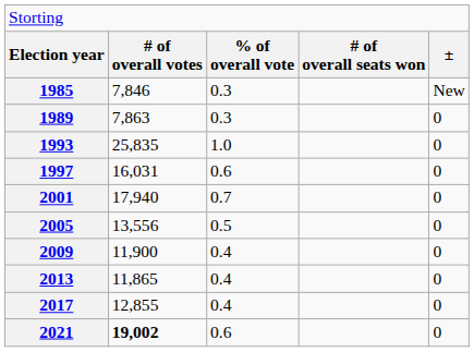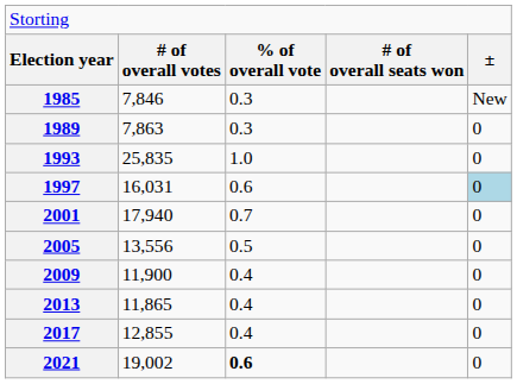 <table class=wikitable>
 <tr>
 <td colspan=6><a href='#'>Storting</a></td>
 </tr>
 <tr>
 <th>Election year</th>
 <th># of<br>overall votes</th>
 <th>% of<br>overall vote</th>
 <th># of<br>overall seats won</th>
 <th>±</th>
 </tr>
 <tr>
 <th><a href='#'>1985</a></th>
 <td>7,846</td>
 <td>0.3</td>
 <td></td>
 <td>New</td>
 </tr>
 <tr>
 <th><a href='#'>1989</a></th>
 <td>7,863</td>
 <td>0.3</td>
 <td></td>
 <td>0</td>
 </tr>
 <tr>
 <th><a href='#'>1993</a></th>
 <td>25,835</td>
 <td>1.0</td>
 <td></td>
 <td>0</td>
 </tr>
 <tr>
 <th><a href='#'>1997</a></th>
 <td>16,031</td>
 <td>0.6</td>
 <td></td>
-<td>0</td>
+<td style="background: lightblue;">0</td>
 </tr>
 <tr>
 <th><a href='#'>2001</a></th>
 <td>17,940</td>
 <td>0.7</td>
 <td></td>
 <td>0</td>
 </tr>
 <tr>
 <th><a href='#'>2005</a></th>
 <td>13,556</td>
 <td>0.5</td>
 <td></td>
 <td>0</td>
 </tr>
 <tr>
 <th><a href='#'>2009</a></th>
 <td>11,900</td>
 <td>0.4</td>
 <td></td>
 <td>0</td>
 </tr>
 <tr>
 <th><a href='#'>2013</a></th>
 <td>11,865</td>
 <td>0.4</td>
 <td></td>
 <td>0</td>
 </tr>
 <tr>
 <th><a href='#'>2017</a></th>
 <td>12,855</td>
 <td>0.4</td>
 <td></td>
 <td>0</td>
 </tr>
 <tr>
 <th><a href='#'>2021</a></th>
-<td><strong>19,002</strong></td>
-<td>0.6</td>
+<td>19,002</td>
+<td><strong>0.6</strong></td>
 <td></td>
 <td>0</td>
 </tr>
 </table>
